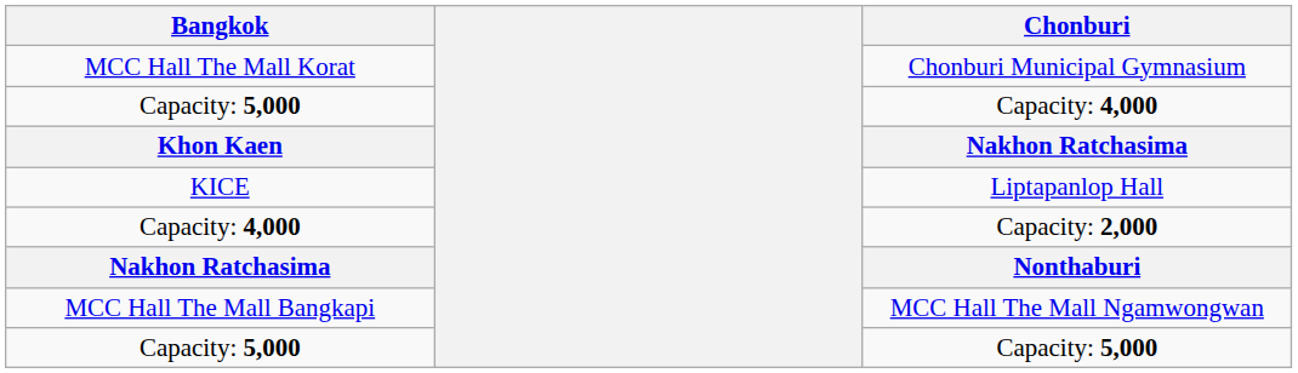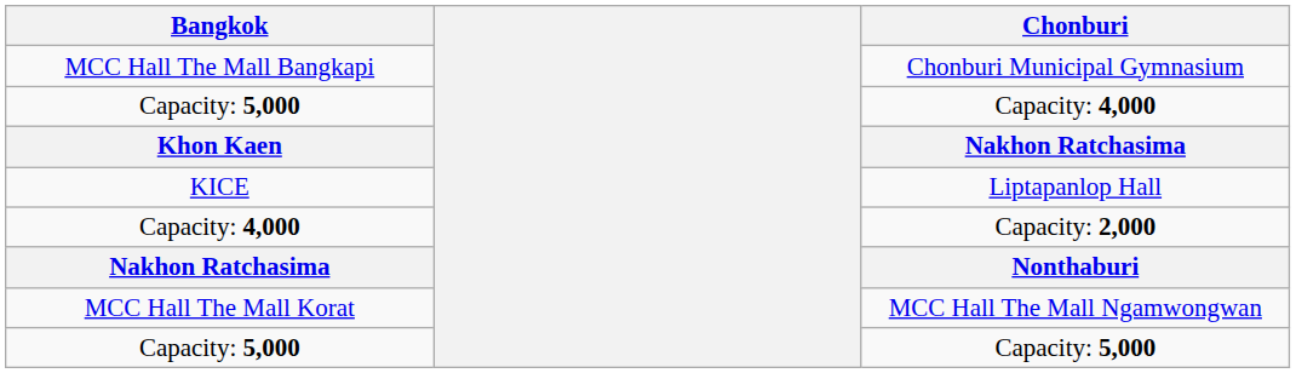 <table class=wikitable style=text-align:center width=810>
 <tr>
 <th width=25%><strong><a href='#'>Bangkok</a></strong></th>
 <th width=25% rowspan=9></th>
 <th width=25%><strong><a href='#'>Chonburi</a></strong></th>
 </tr>
 <tr>
-<td><a href='#'>MCC Hall The Mall Korat</a></td>
+<td><a href='#'>MCC Hall The Mall Bangkapi</a> </td>
 <td><a href='#'>Chonburi Municipal Gymnasium</a> </td>
 </tr>
 <tr>
 <td>Capacity: <strong>5,000 </strong></td>
 <td>Capacity: <strong>4,000 </strong></td>
 </tr>
 <tr>
 <th width=25%><strong><a href='#'>Khon Kaen</a></strong></th>
 <th width=25%><strong><a href='#'>Nakhon Ratchasima</a></strong></th>
 </tr>
 <tr>
 <td><a href='#'>KICE</a> </td>
 <td><a href='#'>Liptapanlop Hall</a></td>
 </tr>
 <tr>
 <td>Capacity: <strong>4,000 </strong></td>
 <td>Capacity: <strong>2,000</strong></td>
 </tr>
 <tr>
 <th width=25%><strong><a href='#'>Nakhon Ratchasima</a></strong></th>
 <th width=25%><strong><a href='#'>Nonthaburi</a></strong></th>
 </tr>
 <tr>
-<td><a href='#'>MCC Hall The Mall Bangkapi</a> </td>
+<td><a href='#'>MCC Hall The Mall Korat</a></td>
 <td><a href='#'>MCC Hall The Mall Ngamwongwan</a></td>
 </tr>
 <tr>
 <td>Capacity: <strong>5,000 </strong></td>
 <td>Capacity: <strong>5,000 </strong></td>
 </tr>
 </table>
